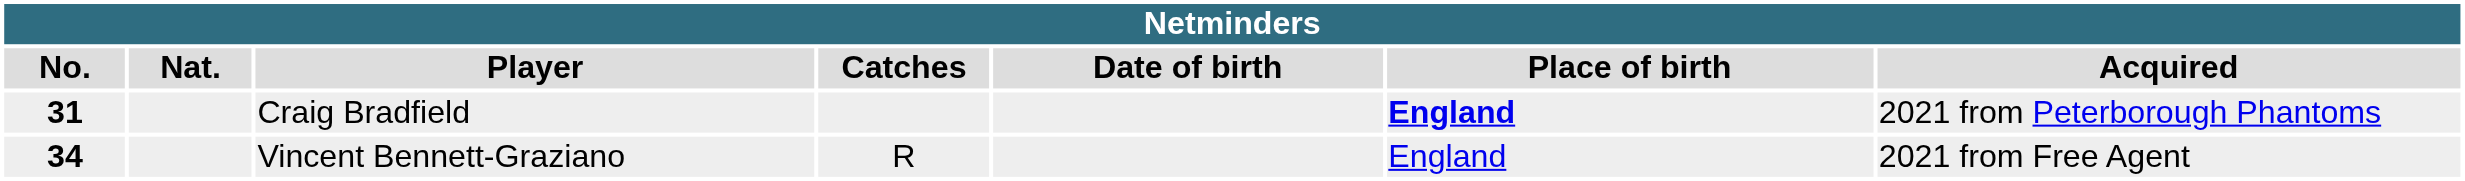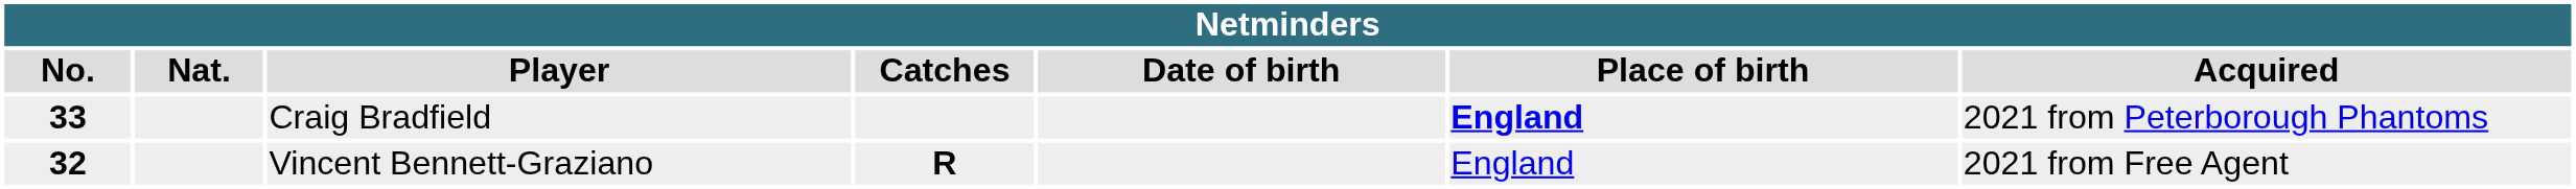 <table class="toccolours"  style="width:97%; clear:both; margin:1.5em auto; text-align:center;">
 <tr>
 <th colspan="10" style="background:#2f6d81; color:white;”">Netminders</th>
 </tr>
 <tr style="background:#ddd;">
 <th width=5%>No.</th>
 <th width=5%>Nat.</th>
 <th !width=22%>Player</th>
 <th width=7%>Catches</th>
 <th width=16%>Date of birth</th>
 <th width=20%>Place of birth</th>
 <th width=24%>Acquired</th>
 </tr>
 <tr style="background:#eee;">
-<td><strong>31</strong></td>
+<td><strong>33</strong></td>
 <td></td>
 <td align=left>Craig Bradfield</td>
 <td></td>
 <td align=left></td>
 <td align=left><strong><a href='#'>England</a></strong></td>
 <td align=left>2021 from <a href='#'>Peterborough Phantoms</a></td>
 </tr>
 <tr style="background:#eee;">
-<td><strong>34</strong></td>
+<td><strong>32</strong></td>
 <td></td>
 <td align=left>Vincent Bennett-Graziano</td>
-<td>R</td>
+<td><strong>R</strong></td>
 <td align=left></td>
 <td align=left><a href='#'>England</a></td>
 <td align=left>2021 from Free Agent</td>
 </tr>
 </table>
